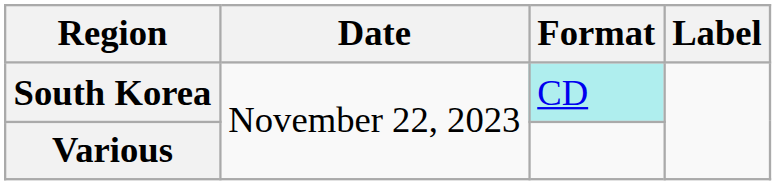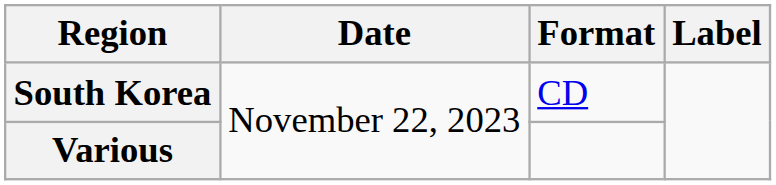 <table class="wikitable plainrowheaders">
 <tr>
 <th scope="col">Region</th>
 <th scope="col">Date</th>
 <th scope="col">Format</th>
 <th scope="col">Label</th>
 </tr>
 <tr>
 <th scope="row">South Korea</th>
 <td rowspan="2">November 22, 2023</td>
-<td style="background: paleturquoise;"><a href='#'>CD</a></td>
+<td><a href='#'>CD</a></td>
 <td rowspan="2"></td>
 </tr>
 <tr>
 <th scope="row">Various</th>
 <td></td>
 </tr>
 </table>
